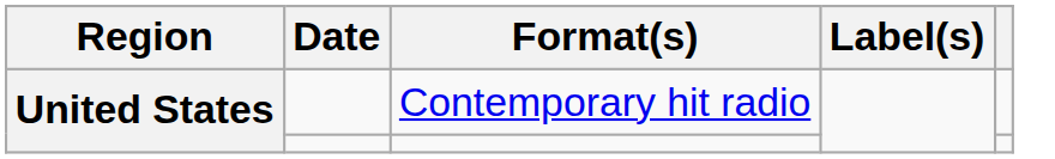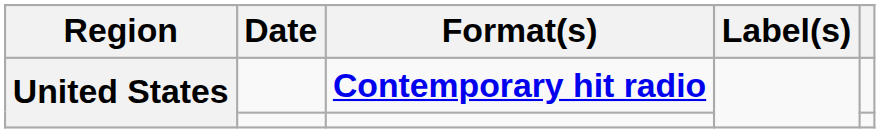 <table class="wikitable plainrowheaders">
 <tr>
 <th scope="col">Region</th>
 <th scope="col">Date</th>
 <th scope="col">Format(s)</th>
 <th scope="col">Label(s)</th>
 <th scope="col"></th>
 </tr>
 <tr>
 <th scope="row" rowspan="2">United States</th>
 <td></td>
-<td><a href='#'>Contemporary hit radio</a></td>
+<td><strong><a href='#'>Contemporary hit radio</a></strong></td>
 <td rowspan="2"></td>
 <td></td>
 </tr>
 <tr>
 <td></td>
 <td></td>
 <td></td>
 </tr>
 </table>
